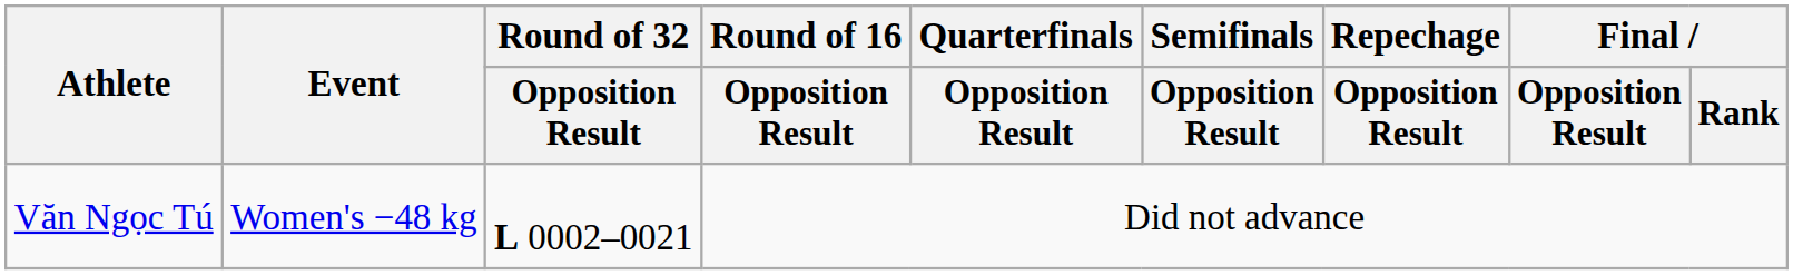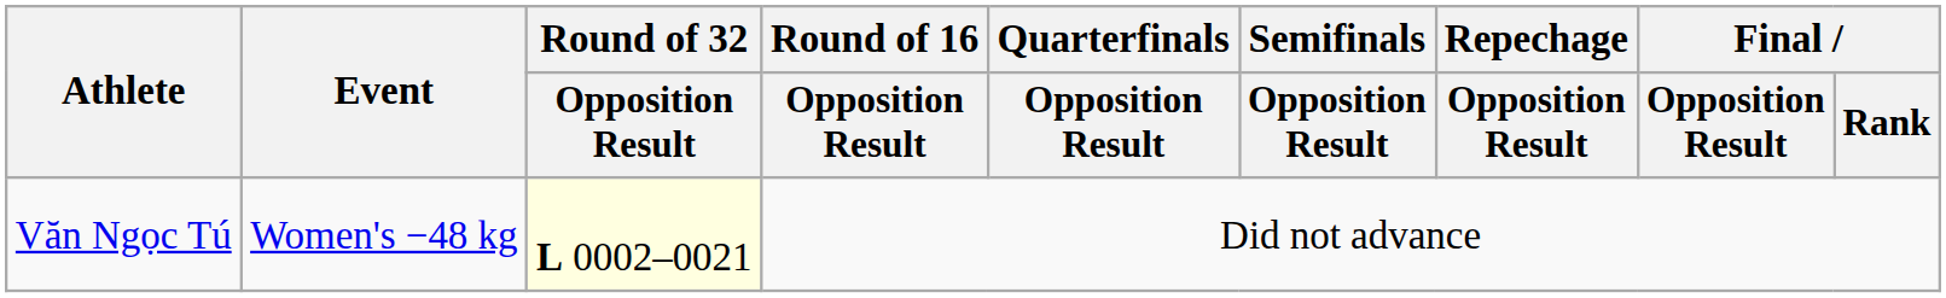 <table class="wikitable" style="font-size:90%">
 <tr>
 <th rowspan="2">Athlete</th>
 <th rowspan="2">Event</th>
 <th>Round of 32</th>
 <th>Round of 16</th>
 <th>Quarterfinals</th>
 <th>Semifinals</th>
 <th>Repechage</th>
 <th colspan=2>Final / </th>
 </tr>
 <tr style="font-size:95%">
 <th>Opposition<br>Result</th>
 <th>Opposition<br>Result</th>
 <th>Opposition<br>Result</th>
 <th>Opposition<br>Result</th>
 <th>Opposition<br>Result</th>
 <th>Opposition<br>Result</th>
 <th>Rank</th>
 </tr>
 <tr align=center>
 <td align=left><a href='#'>Văn Ngọc Tú</a></td>
 <td align=left><a href='#'>Women's −48 kg</a></td>
-<td><br><strong>L</strong> 0002–0021</td>
+<td style="background: lightyellow;"><br><strong>L</strong> 0002–0021</td>
 <td colspan=6>Did not advance</td>
 </tr>
 </table>
